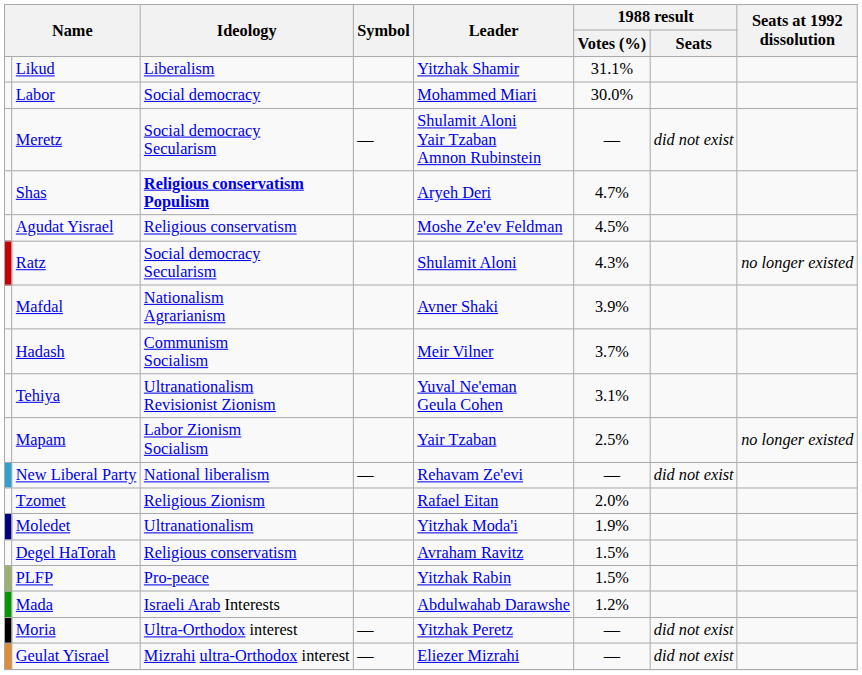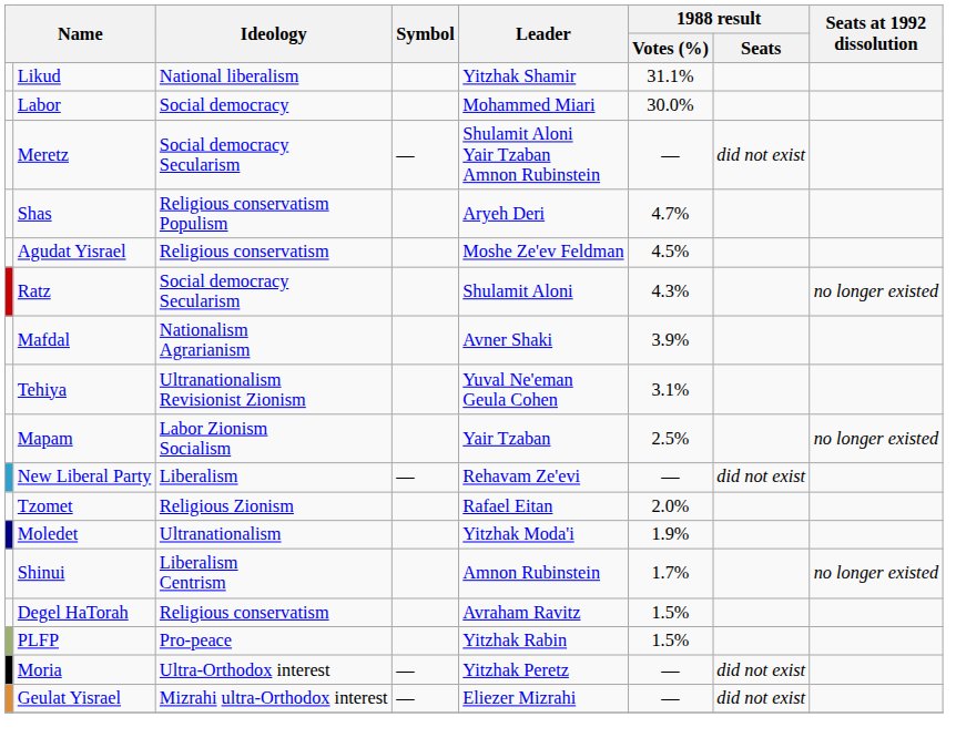 <table class="wikitable">
 <tr>
 <th rowspan="2" colspan=2>Name</th>
 <th rowspan="2">Ideology</th>
 <th rowspan="2">Symbol</th>
 <th rowspan="2">Leader</th>
 <th colspan="2">1988 result</th>
 <th rowspan="2">Seats at 1992<br>dissolution</th>
 </tr>
 <tr>
 <th>Votes (%)</th>
 <th>Seats</th>
 </tr>
 <tr>
 <td style="background:"></td>
 <td><a href='#'>Likud</a></td>
-<td><a href='#'>Liberalism</a></td>
+<td><a href='#'>National liberalism</a></td>
 <td></td>
 <td><a href='#'>Yitzhak Shamir</a></td>
 <td style="text-align:center;" rowspan=1>31.1%</td>
 <td></td>
 <td></td>
 </tr>
 <tr>
 <td style="background:"></td>
 <td><a href='#'>Labor</a></td>
 <td><a href='#'>Social democracy</a></td>
 <td></td>
 <td><a href='#'>Mohammed Miari</a></td>
 <td style="text-align:center;">30.0%</td>
 <td></td>
 <td></td>
 </tr>
 <tr>
 <td style="background:"></td>
 <td><a href='#'>Meretz</a></td>
 <td><a href='#'>Social democracy</a><br><a href='#'>Secularism</a></td>
 <td>—</td>
 <td><a href='#'>Shulamit Aloni</a><br><a href='#'>Yair Tzaban</a><br><a href='#'>Amnon Rubinstein</a></td>
 <td style="text-align:center;">—</td>
 <td><em>did not exist</em></td>
 <td></td>
 </tr>
 <tr>
 <td style="background:"></td>
 <td><a href='#'>Shas</a></td>
-<td><strong><a href='#'>Religious conservatism</a><br><a href='#'>Populism</a></strong></td>
+<td><a href='#'>Religious conservatism</a><br><a href='#'>Populism</a></td>
 <td></td>
 <td><a href='#'>Aryeh Deri</a></td>
 <td style="text-align:center;">4.7%</td>
 <td></td>
 <td></td>
 </tr>
 <tr>
 <td style="background:"></td>
 <td><a href='#'>Agudat Yisrael</a></td>
 <td><a href='#'>Religious conservatism</a></td>
 <td></td>
 <td><a href='#'>Moshe Ze'ev Feldman</a></td>
 <td style="text-align:center;">4.5%</td>
 <td></td>
 <td></td>
 </tr>
 <tr>
 <td style="background:#C80004;"></td>
 <td><a href='#'>Ratz</a></td>
 <td><a href='#'>Social democracy</a><br><a href='#'>Secularism</a></td>
 <td></td>
 <td><a href='#'>Shulamit Aloni</a></td>
 <td style="text-align:center;">4.3%</td>
 <td></td>
 <td><em>no longer existed</em></td>
 </tr>
 <tr>
 <td style="background:"></td>
 <td><a href='#'>Mafdal</a></td>
 <td><a href='#'>Nationalism</a><br><a href='#'>Agrarianism</a></td>
 <td></td>
 <td><a href='#'>Avner Shaki</a></td>
 <td style="text-align:center;">3.9%</td>
 <td></td>
 <td></td>
 </tr>
 <tr>
 <td style="background:"></td>
-<td><a href='#'>Hadash</a></td>
-<td><a href='#'>Communism</a><br><a href='#'>Socialism</a></td>
-<td></td>
-<td><a href='#'>Meir Vilner</a></td>
-<td style="text-align:center;">3.7%</td>
-<td></td>
-<td></td>
-</tr>
-<tr>
-<td style="background:"></td>
 <td><a href='#'>Tehiya</a></td>
 <td><a href='#'>Ultranationalism</a><br><a href='#'>Revisionist Zionism</a></td>
 <td></td>
 <td><a href='#'>Yuval Ne'eman</a><br><a href='#'>Geula Cohen</a></td>
 <td style="text-align:center;">3.1%</td>
 <td></td>
 <td></td>
 </tr>
 <tr>
 <td style="background:"></td>
 <td><a href='#'>Mapam</a></td>
 <td><a href='#'>Labor Zionism</a><br><a href='#'>Socialism</a></td>
 <td></td>
 <td><a href='#'>Yair Tzaban</a></td>
 <td style="text-align:center;">2.5%</td>
 <td></td>
 <td><em>no longer existed</em></td>
 </tr>
 <tr>
 <td style="background:#2FA1CE;"></td>
 <td><a href='#'>New Liberal Party</a></td>
-<td><a href='#'>National liberalism</a></td>
+<td><a href='#'>Liberalism</a></td>
 <td>—</td>
 <td><a href='#'>Rehavam Ze'evi</a></td>
 <td style="text-align:center;">—</td>
 <td><em>did not exist</em></td>
 <td></td>
 </tr>
 <tr>
 <td style="background:"></td>
 <td><a href='#'>Tzomet</a></td>
 <td><a href='#'>Religious Zionism</a></td>
 <td></td>
 <td><a href='#'>Rafael Eitan</a></td>
 <td style="text-align:center;">2.0%</td>
 <td></td>
 <td></td>
 </tr>
 <tr>
 <td style="background:#000080;"></td>
 <td><a href='#'>Moledet</a></td>
 <td><a href='#'>Ultranationalism</a></td>
 <td></td>
 <td><a href='#'>Yitzhak Moda'i</a></td>
 <td style="text-align:center;">1.9%</td>
 <td></td>
 <td></td>
 </tr>
 <tr>
 <td style="background:"></td>
+<td><a href='#'>Shinui</a></td>
+<td><a href='#'>Liberalism</a><br><a href='#'>Centrism</a></td>
+<td></td>
+<td><a href='#'>Amnon Rubinstein</a></td>
+<td style="text-align:center;">1.7%</td>
+<td></td>
+<td><em>no longer existed</em></td>
+</tr>
+<tr>
+<td style="background:"></td>
 <td><a href='#'>Degel HaTorah</a></td>
 <td><a href='#'>Religious conservatism</a></td>
 <td></td>
 <td><a href='#'>Avraham Ravitz</a></td>
 <td style="text-align:center;">1.5%</td>
 <td></td>
 <td></td>
 </tr>
 <tr>
 <td style="background:#9CB071;"></td>
 <td><a href='#'>PLFP</a></td>
 <td><a href='#'>Pro-peace</a></td>
 <td></td>
 <td><a href='#'>Yitzhak Rabin</a></td>
 <td style="text-align:center;">1.5%</td>
-<td></td>
-<td></td>
-</tr>
-<tr>
-<td style="background:#009900;"></td>
-<td><a href='#'>Mada</a></td>
-<td><a href='#'>Israeli Arab</a> Interests</td>
-<td></td>
-<td><a href='#'>Abdulwahab Darawshe</a></td>
-<td style="text-align:center;">1.2%</td>
 <td></td>
 <td></td>
 </tr>
 <tr>
 <td style="background:#000000;"></td>
 <td><a href='#'>Moria</a></td>
 <td><a href='#'>Ultra-Orthodox</a> interest</td>
 <td>—</td>
 <td><a href='#'>Yitzhak Peretz</a></td>
 <td style="text-align:center;">—</td>
 <td><em>did not exist</em></td>
 <td></td>
 </tr>
 <tr>
 <td style="background:#E08C35;"></td>
 <td><a href='#'>Geulat Yisrael</a></td>
 <td><a href='#'>Mizrahi</a> <a href='#'>ultra-Orthodox</a> interest</td>
 <td>—</td>
 <td><a href='#'>Eliezer Mizrahi</a></td>
 <td style="text-align:center;">—</td>
 <td><em>did not exist</em></td>
 <td></td>
 </tr>
 <tr>
 </tr>
 </table>
